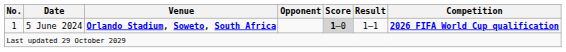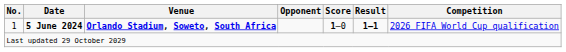 <table class="wikitable" style="font-size:85%;">
 <tr>
 <th>No.</th>
 <th>Date</th>
 <th>Venue</th>
 <th>Opponent</th>
 <th>Score</th>
 <th>Result</th>
 <th>Competition</th>
 </tr>
 <tr>
 <td align="center">1</td>
-<td>5 June 2024</td>
+<td><strong>5 June 2024</strong></td>
 <td><strong><a href='#'>Orlando Stadium</a>, <a href='#'>Soweto</a>, <a href='#'>South Africa</a></strong></td>
 <td></td>
-<td align=center style="background: lightgrey;"><strong>1</strong>–0</td>
-<td align=center>1–1</td>
-<td><strong><a href='#'>2026 FIFA World Cup qualification</a></strong></td>
+<td align=center><strong>1</strong>–0</td>
+<td align=center><strong>1–1</strong></td>
+<td><a href='#'>2026 FIFA World Cup qualification</a></td>
 </tr>
 <tr>
 <td colspan="7"><small>Last updated 29 October 2029</small></td>
 </tr>
 </table>
